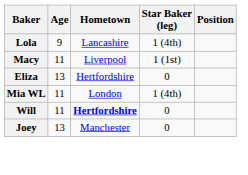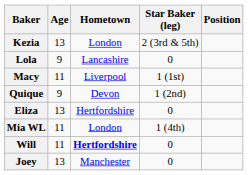 <table class="wikitable sortable" style="display:inline-table; text-align:center">
 <tr>
 <th scope="col">Baker</th>
 <th scope="col">Age</th>
 <th scope="col">Hometown</th>
 <th scope="col">Star Baker<br>(leg)</th>
 <th scope="col">Position</th>
 </tr>
 <tr>
+<th scope="row">Kezia</th>
+<td>13</td>
+<td><a href='#'>London</a></td>
+<td>2 (3rd & 5th)</td>
+<td></td>
+</tr>
+<tr>
 <th scope="row">Lola</th>
 <td>9</td>
 <td><a href='#'>Lancashire</a></td>
-<td>1 (4th)</td>
+<td>0</td>
 <td></td>
 </tr>
 <tr>
 <th scope="row">Macy</th>
 <td>11</td>
 <td><a href='#'>Liverpool</a></td>
 <td>1 (1st)</td>
+<td></td>
+</tr>
+<tr>
+<th scope="row">Quique</th>
+<td>9</td>
+<td><a href='#'>Devon</a></td>
+<td>1 (2nd)</td>
 <td></td>
 </tr>
 <tr>
 <th scope="row">Eliza</th>
 <td>13</td>
 <td><a href='#'>Hertfordshire</a></td>
 <td>0</td>
 <td></td>
 </tr>
 <tr>
 <th scope="row">Mia WL</th>
 <td>11</td>
 <td><a href='#'>London</a></td>
 <td>1 (4th)</td>
 <td></td>
 </tr>
 <tr>
 <th scope="row">Will</th>
 <td>11</td>
 <td><strong><a href='#'>Hertfordshire</a></strong></td>
 <td>0</td>
 <td></td>
 </tr>
 <tr>
 <th scope="row">Joey</th>
 <td>13</td>
 <td><a href='#'>Manchester</a></td>
 <td>0</td>
 <td></td>
 </tr>
 </table>
